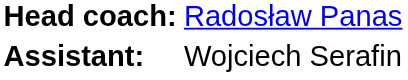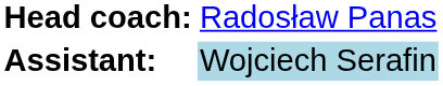 <table>
 <tr>
 <td><strong>Head coach:</strong></td>
 <td> <a href='#'>Radosław Panas</a></td>
 </tr>
 <tr>
 <td><strong>Assistant:</strong></td>
-<td> Wojciech Serafin</td>
+<td style="background: lightblue;"> Wojciech Serafin</td>
 </tr>
 </table>
